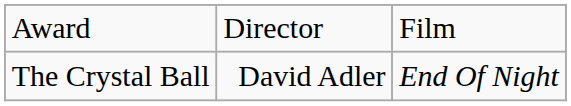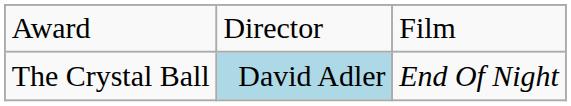 <table class="wikitable">
 <tr>
 <td>Award</td>
 <td>Director</td>
 <td>Film</td>
 </tr>
 <tr>
 <td>The Crystal Ball</td>
-<td>  David Adler</td>
+<td style="background: lightblue;">  David Adler</td>
 <td><em>End Of Night</em></td>
 </tr>
 </table>
